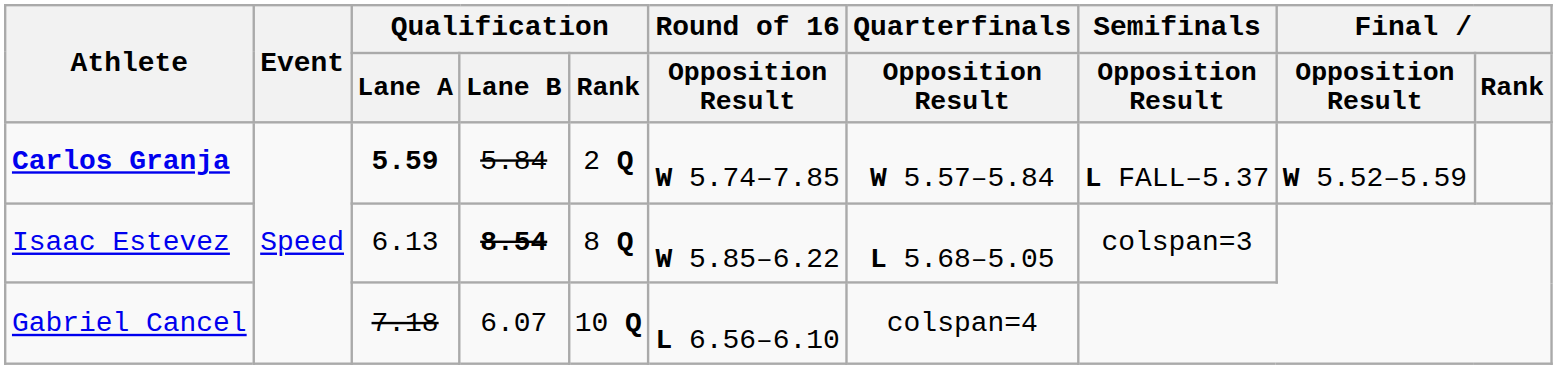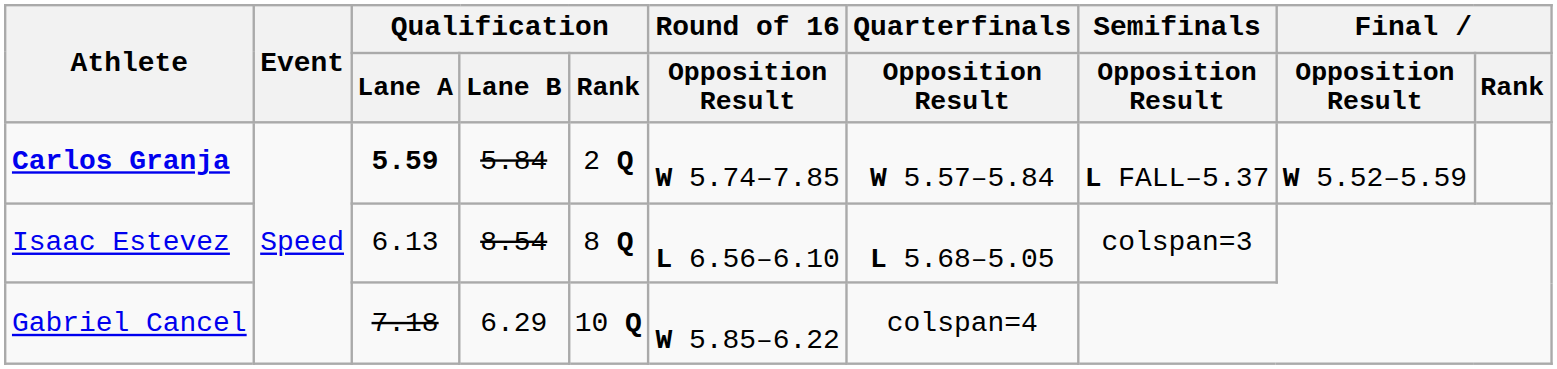 <table class=wikitable style=font-size:90%;text-align:center>
 <tr>
 <th rowspan=2>Athlete</th>
 <th rowspan=2>Event</th>
 <th colspan=3>Qualification</th>
 <th>Round of 16</th>
 <th>Quarterfinals</th>
 <th>Semifinals</th>
 <th colspan=2>Final / </th>
 </tr>
 <tr style=font-size:95%>
 <th>Lane A</th>
 <th>Lane B</th>
 <th>Rank</th>
 <th>Opposition<br>Result</th>
 <th>Opposition<br>Result</th>
 <th>Opposition<br>Result</th>
 <th>Opposition<br>Result</th>
 <th>Rank</th>
 </tr>
 <tr align=center>
 <td align=left><strong><a href='#'>Carlos Granja</a></strong></td>
 <td align=left rowspan=3><a href='#'>Speed</a></td>
 <td><strong>5.59</strong></td>
 <td><s>5.84</s></td>
 <td>2 <strong>Q</strong></td>
 <td><br><strong>W</strong> 5.74–7.85</td>
 <td><br><strong>W</strong> 5.57–5.84</td>
 <td><br><strong>L</strong> FALL–5.37</td>
 <td><br><strong>W</strong> 5.52–5.59</td>
 <td></td>
 </tr>
 <tr align=center>
 <td align=left><a href='#'>Isaac Estevez</a></td>
 <td>6.13</td>
-<td><strong><s>8.54</s></strong></td>
+<td><s>8.54</s></td>
 <td>8 <strong>Q</strong></td>
-<td><br><strong>W</strong> 5.85–6.22</td>
+<td><br><strong>L</strong> 6.56–6.10</td>
 <td><br><strong>L</strong> 5.68–5.05</td>
 <td>colspan=3 </td>
 </tr>
 <tr align=center>
 <td align=left><a href='#'>Gabriel Cancel</a></td>
 <td><s>7.18</s></td>
-<td>6.07</td>
+<td>6.29</td>
 <td>10 <strong>Q</strong></td>
-<td><br><strong>L</strong> 6.56–6.10</td>
+<td><br><strong>W</strong> 5.85–6.22</td>
 <td>colspan=4 </td>
 </tr>
 </table>
